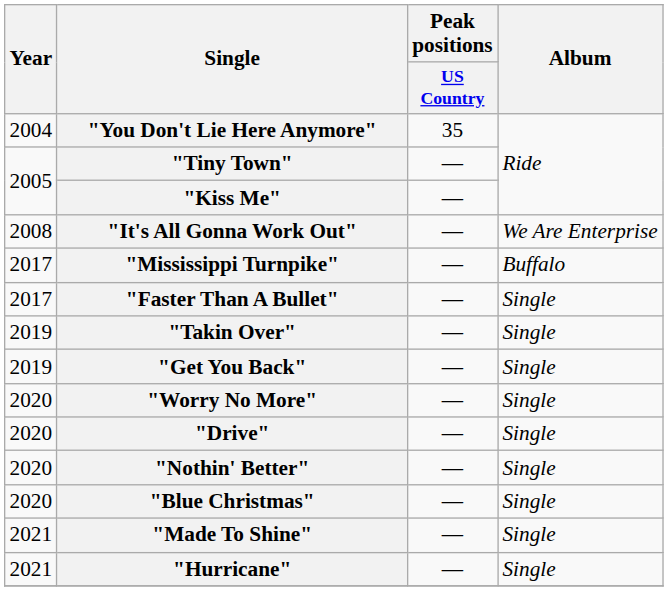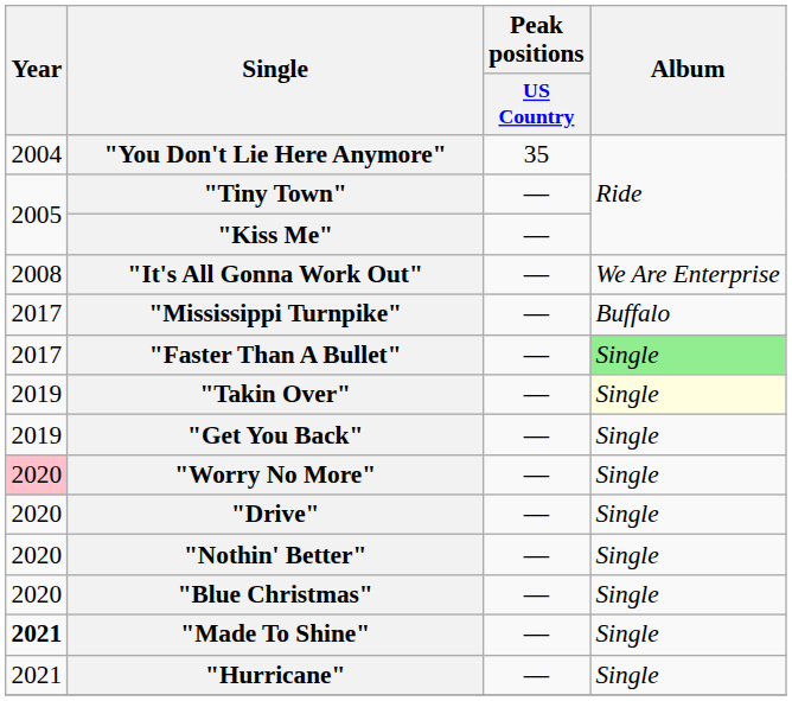 <table class="wikitable plainrowheaders" style="text-align:center;">
 <tr>
 <th rowspan="2">Year</th>
 <th rowspan="2" style="width:16em;">Single</th>
 <th colspan="1">Peak positions</th>
 <th rowspan="2">Album</th>
 </tr>
 <tr style="font-size:smaller;">
 <th width="60"><a href='#'>US Country</a><br></th>
 </tr>
 <tr>
 <td>2004</td>
 <th scope="row">"You Don't Lie Here Anymore"</th>
 <td>35</td>
 <td align="left" rowspan="3"><em>Ride</em></td>
 </tr>
 <tr>
 <td rowspan="2">2005</td>
 <th scope="row">"Tiny Town"</th>
 <td>—</td>
 </tr>
 <tr>
 <th scope="row">"Kiss Me"</th>
 <td>—</td>
 </tr>
 <tr>
 <td>2008</td>
 <th scope="row">"It's All Gonna Work Out"</th>
 <td>—</td>
 <td align="left"><em>We Are Enterprise</em></td>
 </tr>
 <tr>
 <td>2017</td>
 <th scope="row">"Mississippi Turnpike"</th>
 <td>—</td>
 <td align="left"><em>Buffalo</em></td>
 </tr>
 <tr>
 <td>2017</td>
 <th scope="row">"Faster Than A Bullet"</th>
 <td>—</td>
-<td align="left"><em>Single</em></td>
+<td align="left" style="background: lightgreen;"><em>Single</em></td>
 </tr>
 <tr>
 <td>2019</td>
 <th scope="row">"Takin Over"</th>
 <td>—</td>
-<td align="left"><em>Single</em></td>
+<td align="left" style="background: lightyellow;"><em>Single</em></td>
 </tr>
 <tr>
 <td>2019</td>
 <th scope="row">"Get You Back"</th>
 <td>—</td>
 <td align="left"><em>Single</em></td>
 </tr>
 <tr>
-<td>2020</td>
+<td style="background: pink;">2020</td>
 <th scope="row">"Worry No More"</th>
 <td>—</td>
 <td align="left"><em>Single</em></td>
 </tr>
 <tr>
 <td>2020</td>
 <th scope="row">"Drive"</th>
 <td>—</td>
 <td align="left"><em>Single</em></td>
 </tr>
 <tr>
 <td>2020</td>
 <th scope="row">"Nothin' Better"</th>
 <td>—</td>
 <td align="left"><em>Single</em></td>
 </tr>
 <tr>
 <td>2020</td>
 <th scope="row">"Blue Christmas"</th>
 <td>—</td>
 <td align="left"><em>Single</em></td>
 </tr>
 <tr>
-<td>2021</td>
+<td><strong>2021</strong></td>
 <th scope="row">"Made To Shine"</th>
 <td>—</td>
 <td align="left"><em>Single</em></td>
 </tr>
 <tr>
 <td>2021</td>
 <th scope="row">"Hurricane"</th>
 <td>—</td>
 <td align="left"><em>Single</em></td>
 </tr>
 <tr>
 </tr>
 </table>
